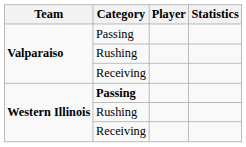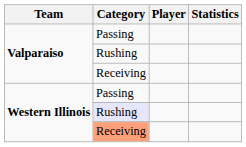 <table class="wikitable" style="float: right;">
 <tr>
 <th>Team</th>
 <th>Category</th>
 <th>Player</th>
 <th>Statistics</th>
 </tr>
 <tr>
 <td rowspan=3><strong>Valparaiso</strong></td>
 <td>Passing</td>
 <td></td>
 <td></td>
 </tr>
 <tr>
 <td>Rushing</td>
 <td></td>
 <td></td>
 </tr>
 <tr>
 <td>Receiving</td>
 <td></td>
 <td></td>
 </tr>
 <tr>
 <td rowspan=3><strong>Western Illinois</strong></td>
-<td><strong>Passing</strong></td>
+<td>Passing</td>
 <td></td>
 <td></td>
 </tr>
 <tr>
-<td>Rushing</td>
+<td style="background: lavender;">Rushing</td>
 <td></td>
 <td></td>
 </tr>
 <tr>
-<td>Receiving</td>
+<td style="background: lightsalmon;">Receiving</td>
 <td></td>
 <td></td>
 </tr>
 </table>
